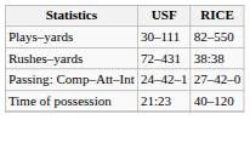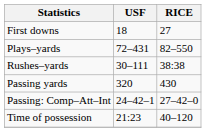 <table class="wikitable" style="float: left;">
 <tr>
 <th>Statistics</th>
 <th>USF</th>
 <th>RICE</th>
 </tr>
 <tr>
+<td>First downs</td>
+<td>18</td>
+<td>27</td>
+</tr>
+<tr>
 <td>Plays–yards</td>
-<td>30–111</td>
+<td>72–431</td>
 <td>82–550</td>
 </tr>
 <tr>
 <td>Rushes–yards</td>
-<td>72–431</td>
+<td>30–111</td>
 <td>38:38</td>
+</tr>
+<tr>
+<td>Passing yards</td>
+<td>320</td>
+<td>430</td>
 </tr>
 <tr>
 <td>Passing: Comp–Att–Int</td>
 <td>24–42–1</td>
 <td>27–42–0</td>
 </tr>
 <tr>
 <td>Time of possession</td>
 <td>21:23</td>
 <td>40–120</td>
 </tr>
 <tr>
 </tr>
 </table>
